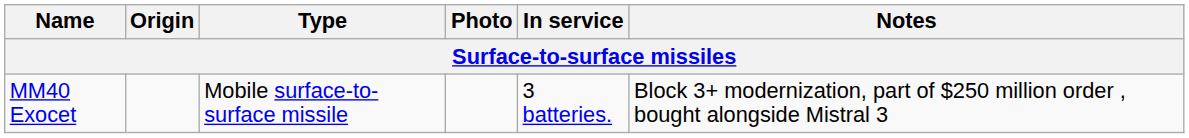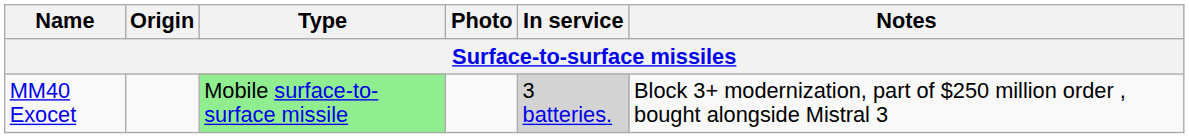 <table class="wikitable">
 <tr>
 <th>Name</th>
 <th>Origin</th>
 <th>Type</th>
 <th>Photo</th>
 <th>In service</th>
 <th>Notes</th>
 </tr>
 <tr>
 <th colspan="6"><a href='#'>Surface-to-surface missiles</a></th>
 </tr>
 <tr>
 <td><a href='#'>MM40 Exocet</a></td>
 <td></td>
-<td>Mobile <a href='#'>surface-to-surface missile</a></td>
+<td style="background: lightgreen;">Mobile <a href='#'>surface-to-surface missile</a></td>
 <td></td>
-<td>3 <a href='#'>batteries.</a></td>
+<td style="background: lightgrey;">3 <a href='#'>batteries.</a></td>
 <td>Block 3+ modernization, part of $250 million order , bought alongside Mistral 3</td>
 </tr>
 </table>
